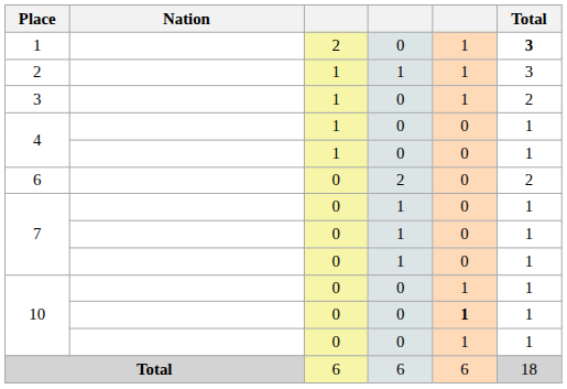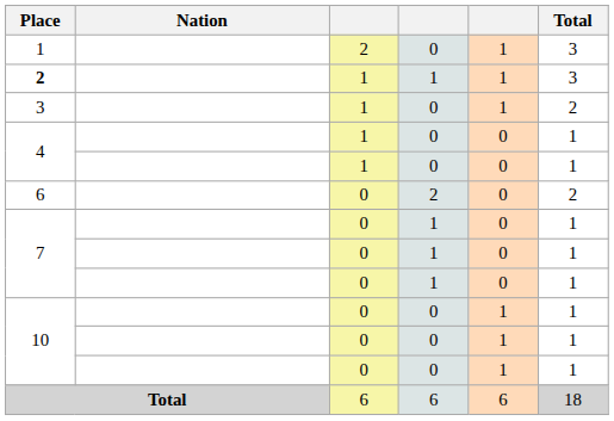 <table class=wikitable style="border:1px solid #AAAAAA;font-size:90%">
 <tr bgcolor="#EFEFEF">
 <th width=50>Place</th>
 <th width=200>Nation</th>
 <th width=50></th>
 <th width=50></th>
 <th width=50></th>
 <th width=50>Total</th>
 </tr>
 <tr align="center" valign="center" bgcolor="#FFFFFF">
 <td>1</td>
 <td align="left"></td>
 <td style="background:#F7F6A8;">2</td>
 <td style="background:#DCE5E5;">0</td>
 <td style="background:#FFDAB9;">1</td>
-<td><strong>3</strong></td>
+<td>3</td>
 </tr>
 <tr align="center" valign="center" bgcolor="#FFFFFF">
-<td>2</td>
+<td><strong>2</strong></td>
 <td align="left"></td>
 <td style="background:#F7F6A8;">1</td>
 <td style="background:#DCE5E5;">1</td>
 <td style="background:#FFDAB9;">1</td>
 <td>3</td>
 </tr>
 <tr align="center" valign="center" bgcolor="#FFFFFF">
 <td>3</td>
 <td align="left"></td>
 <td style="background:#F7F6A8;">1</td>
 <td style="background:#DCE5E5;">0</td>
 <td style="background:#FFDAB9;">1</td>
 <td>2</td>
 </tr>
 <tr align="center" valign="center" bgcolor="#FFFFFF">
 <td rowspan=2>4</td>
 <td align="left"></td>
 <td style="background:#F7F6A8;">1</td>
 <td style="background:#DCE5E5;">0</td>
 <td style="background:#FFDAB9;">0</td>
 <td>1</td>
 </tr>
 <tr align="center" valign="center" bgcolor="#FFFFFF">
 <td align="left"></td>
 <td style="background:#F7F6A8;">1</td>
 <td style="background:#DCE5E5;">0</td>
 <td style="background:#FFDAB9;">0</td>
 <td>1</td>
 </tr>
 <tr align="center" valign="center" bgcolor="#FFFFFF">
 <td>6</td>
 <td align="left"></td>
 <td style="background:#F7F6A8;">0</td>
 <td style="background:#DCE5E5;">2</td>
 <td style="background:#FFDAB9;">0</td>
 <td>2</td>
 </tr>
 <tr align="center" valign="center" bgcolor="#FFFFFF">
 <td rowspan=3>7</td>
 <td align="left"></td>
 <td style="background:#F7F6A8;">0</td>
 <td style="background:#DCE5E5;">1</td>
 <td style="background:#FFDAB9;">0</td>
 <td>1</td>
 </tr>
 <tr align="center" valign="center" bgcolor="#FFFFFF">
 <td align="left"></td>
 <td style="background:#F7F6A8;">0</td>
 <td style="background:#DCE5E5;">1</td>
 <td style="background:#FFDAB9;">0</td>
 <td>1</td>
 </tr>
 <tr align="center" valign="center" bgcolor="#FFFFFF">
 <td align="left"></td>
 <td style="background:#F7F6A8;">0</td>
 <td style="background:#DCE5E5;">1</td>
 <td style="background:#FFDAB9;">0</td>
 <td>1</td>
 </tr>
 <tr align="center" valign="center" bgcolor="#FFFFFF">
 <td rowspan=3>10</td>
 <td align="left"></td>
 <td style="background:#F7F6A8;">0</td>
 <td style="background:#DCE5E5;">0</td>
 <td style="background:#FFDAB9;">1</td>
 <td>1</td>
 </tr>
 <tr align="center" valign="center" bgcolor="#FFFFFF">
 <td align="left"></td>
 <td style="background:#F7F6A8;">0</td>
 <td style="background:#DCE5E5;">0</td>
-<td style="background:#FFDAB9;"><strong>1</strong></td>
+<td style="background:#FFDAB9;">1</td>
 <td>1</td>
 </tr>
 <tr align="center" valign="center" bgcolor="#FFFFFF">
 <td align="left"></td>
 <td style="background:#F7F6A8;">0</td>
 <td style="background:#DCE5E5;">0</td>
 <td style="background:#FFDAB9;">1</td>
 <td>1</td>
 </tr>
 <tr align="center">
 <td colspan="2" bgcolor=D3D3D3><strong>Total</strong></td>
 <td style="background:#F7F6A8;">6</td>
 <td style="background:#DCE5E5;">6</td>
 <td style="background:#FFDAB9;">6</td>
 <td bgcolor=D3D3D3>18</td>
 </tr>
 </table>
